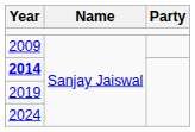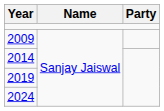 <table class="wikitable">
 <tr>
 <th>Year</th>
 <th>Name</th>
 <th colspan="2">Party</th>
 </tr>
 <tr>
 <td colspan="4"></td>
 </tr>
 <tr>
 <td><a href='#'>2009</a></td>
 <td rowspan="4"><a href='#'>Sanjay Jaiswal</a></td>
 <td></td>
 </tr>
 <tr>
-<td><strong><a href='#'>2014</a></strong></td>
+<td><a href='#'>2014</a></td>
 </tr>
 <tr>
 <td><a href='#'>2019</a></td>
 </tr>
 <tr>
 <td><a href='#'>2024</a></td>
 </tr>
 </table>
